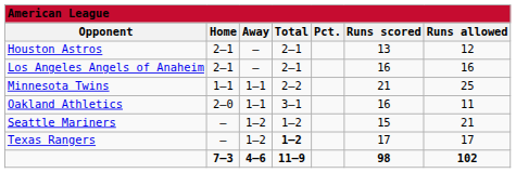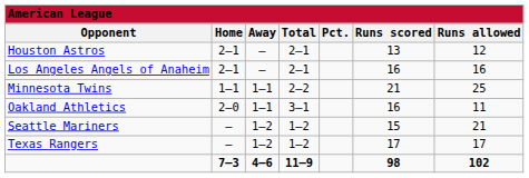 <table class="wikitable" style="font-size: 95%; text-align: center">
 <tr>
 <td colspan="7" style="text-align:left; background:#c60c30"><span> <strong>American League</strong> </span></td>
 </tr>
 <tr>
 <th>Opponent</th>
 <th>Home</th>
 <th>Away</th>
 <th>Total</th>
 <th>Pct.</th>
 <th>Runs scored</th>
 <th>Runs allowed</th>
 </tr>
 <tr>
 <td style="text-align:left"><a href='#'>Houston Astros</a></td>
 <td>2–1</td>
 <td>—</td>
 <td>2–1</td>
 <td></td>
 <td>13</td>
 <td>12</td>
 </tr>
 <tr>
 <td style="text-align:left"><a href='#'>Los Angeles Angels of Anaheim</a></td>
 <td>2–1</td>
 <td>—</td>
 <td>2–1</td>
 <td></td>
 <td>16</td>
 <td>16</td>
 </tr>
 <tr>
 <td style="text-align:left"><a href='#'>Minnesota Twins</a></td>
 <td>1–1</td>
 <td>1–1</td>
 <td>2–2</td>
 <td></td>
 <td>21</td>
 <td>25</td>
 </tr>
 <tr>
 <td style="text-align:left"><a href='#'>Oakland Athletics</a></td>
 <td>2–0</td>
 <td>1–1</td>
 <td>3–1</td>
 <td></td>
 <td>16</td>
 <td>11</td>
 </tr>
 <tr>
 <td style="text-align:left"><a href='#'>Seattle Mariners</a></td>
 <td>—</td>
 <td>1–2</td>
 <td>1–2</td>
 <td></td>
 <td>15</td>
 <td>21</td>
 </tr>
 <tr>
 <td style="text-align:left"><a href='#'>Texas Rangers</a></td>
 <td>—</td>
 <td>1–2</td>
-<td><strong>1–2</strong></td>
+<td>1–2</td>
 <td></td>
 <td>17</td>
 <td>17</td>
 </tr>
 <tr style="font-weight:bold">
 <td></td>
 <td>7–3</td>
 <td>4–6</td>
 <td>11–9</td>
 <td></td>
 <td>98</td>
 <td>102</td>
 </tr>
 </table>
